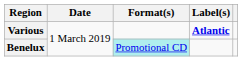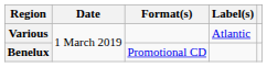 <table class="wikitable plainrowheaders">
 <tr>
 <th scope="col">Region</th>
 <th scope="col">Date</th>
 <th scope="col">Format(s)</th>
 <th scope="col">Label(s)</th>
 <th scope="col"></th>
 </tr>
 <tr>
 <th scope="row">Various</th>
 <td rowspan="2">1 March 2019</td>
 <td></td>
-<td><strong><a href='#'>Atlantic</a></strong></td>
+<td><a href='#'>Atlantic</a></td>
 <td style="text-align:center;"></td>
 </tr>
 <tr>
 <th scope="row">Benelux</th>
-<td style="background: paleturquoise;"><a href='#'>Promotional CD</a></td>
+<td><a href='#'>Promotional CD</a></td>
 <td></td>
 <td style="text-align:center;"></td>
 </tr>
 </table>
